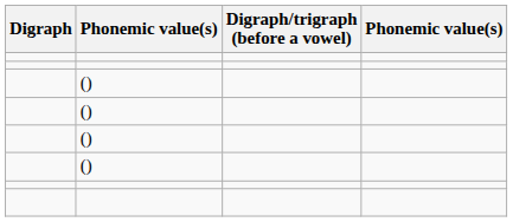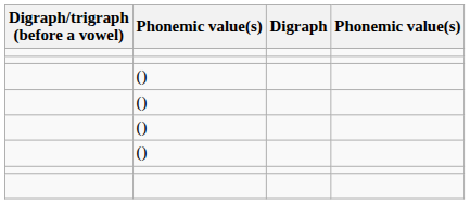 <table class="wikitable">
 <tr>
+<th>Digraph/trigraph<br>(before a vowel)</th>
+<th>Phonemic value(s)</th>
 <th>Digraph</th>
-<th>Phonemic value(s)</th>
-<th>Digraph/trigraph<br>(before a vowel)</th>
 <th>Phonemic value(s)</th>
 </tr>
 <tr>
 <td></td>
 <td></td>
 <td></td>
 <td></td>
 </tr>
 <tr>
 <td></td>
 <td></td>
 <td></td>
 <td></td>
 </tr>
 <tr>
 <td></td>
 <td> ()</td>
 <td></td>
 <td></td>
 </tr>
 <tr>
 <td></td>
 <td> ()</td>
 <td></td>
 <td></td>
 </tr>
 <tr>
 <td></td>
 <td> ()</td>
 <td></td>
 <td></td>
 </tr>
 <tr>
 <td></td>
 <td> ()</td>
 <td></td>
 <td></td>
 </tr>
 <tr>
 <td></td>
 <td></td>
 <td></td>
 <td></td>
 </tr>
 <tr>
+<td></td>
 <td> </td>
 <td> </td>
 <td></td>
-<td></td>
 </tr>
 </table>
